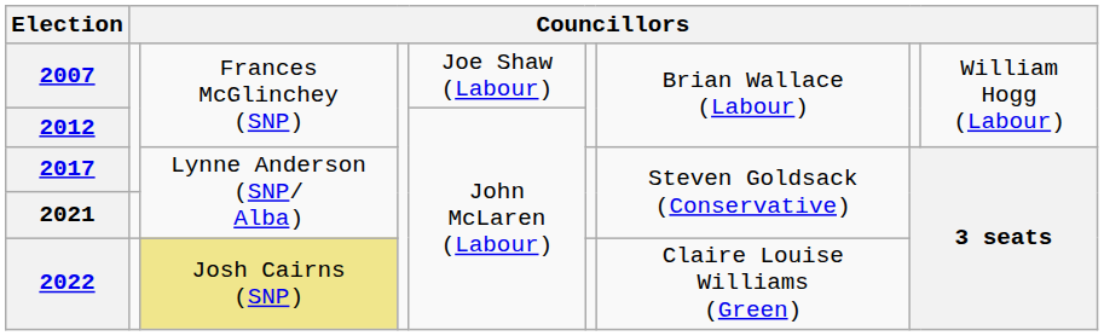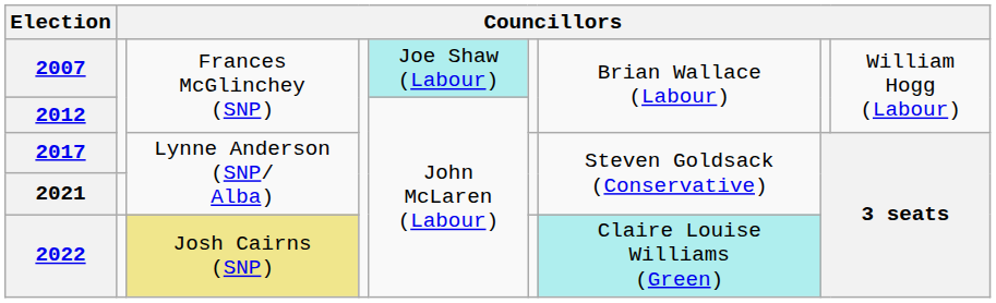 <table class="wikitable" style="text-align:center">
 <tr>
 <th>Election</th>
 <th colspan=8>Councillors</th>
 </tr>
 <tr>
 <th><a href='#'>2007</a></th>
 <td rowspan=3; style="background-color: "></td>
 <td rowspan=2>Frances McGlinchey<br>(<a href='#'>SNP</a>)</td>
 <td rowspan=5; style="background-color: "></td>
-<td rowspan=1>Joe Shaw<br>(<a href='#'>Labour</a>)</td>
+<td rowspan=1 style="background: paleturquoise;">Joe Shaw<br>(<a href='#'>Labour</a>)</td>
 <td rowspan=2; style="background-color: "></td>
 <td rowspan=2>Brian Wallace<br>(<a href='#'>Labour</a>)</td>
 <td rowspan=2; style="background-color: "></td>
 <td rowspan=2>William Hogg<br>(<a href='#'>Labour</a>)</td>
 </tr>
 <tr>
 <th><a href='#'>2012</a></th>
 <td rowspan=4>John McLaren<br>(<a href='#'>Labour</a>)</td>
 </tr>
 <tr>
 <th><a href='#'>2017</a></th>
 <td rowspan=2>Lynne Anderson<br>(<a href='#'>SNP</a>/<br><a href='#'>Alba</a>)</td>
 <td rowspan=2; style="background-color: "></td>
 <td rowspan=2>Steven Goldsack<br>(<a href='#'>Conservative</a>)</td>
 <th colspan=3; rowspan=3>3 seats</th>
 </tr>
 <tr>
 <th>2021</th>
 <td rowspan=1; style="background-color: "></td>
 </tr>
 <tr>
 <th><a href='#'>2022</a></th>
 <td rowspan=1; style="background-color: "></td>
 <td rowspan=1 style="background: khaki;">Josh Cairns<br>(<a href='#'>SNP</a>)</td>
 <td rowspan=1; style="background-color: "></td>
-<td rowspan=1>Claire Louise Williams<br>(<a href='#'>Green</a>)</td>
+<td rowspan=1 style="background: paleturquoise;">Claire Louise Williams<br>(<a href='#'>Green</a>)</td>
 </tr>
 </table>
